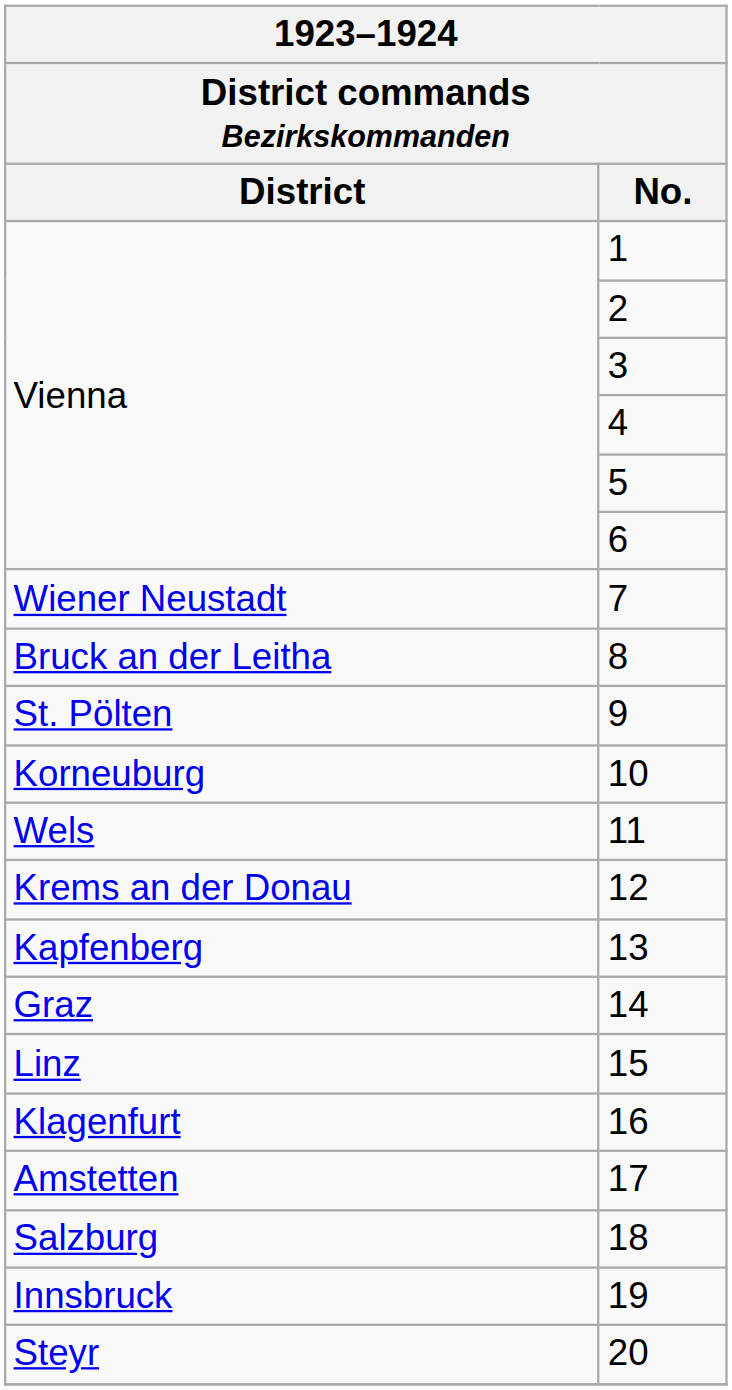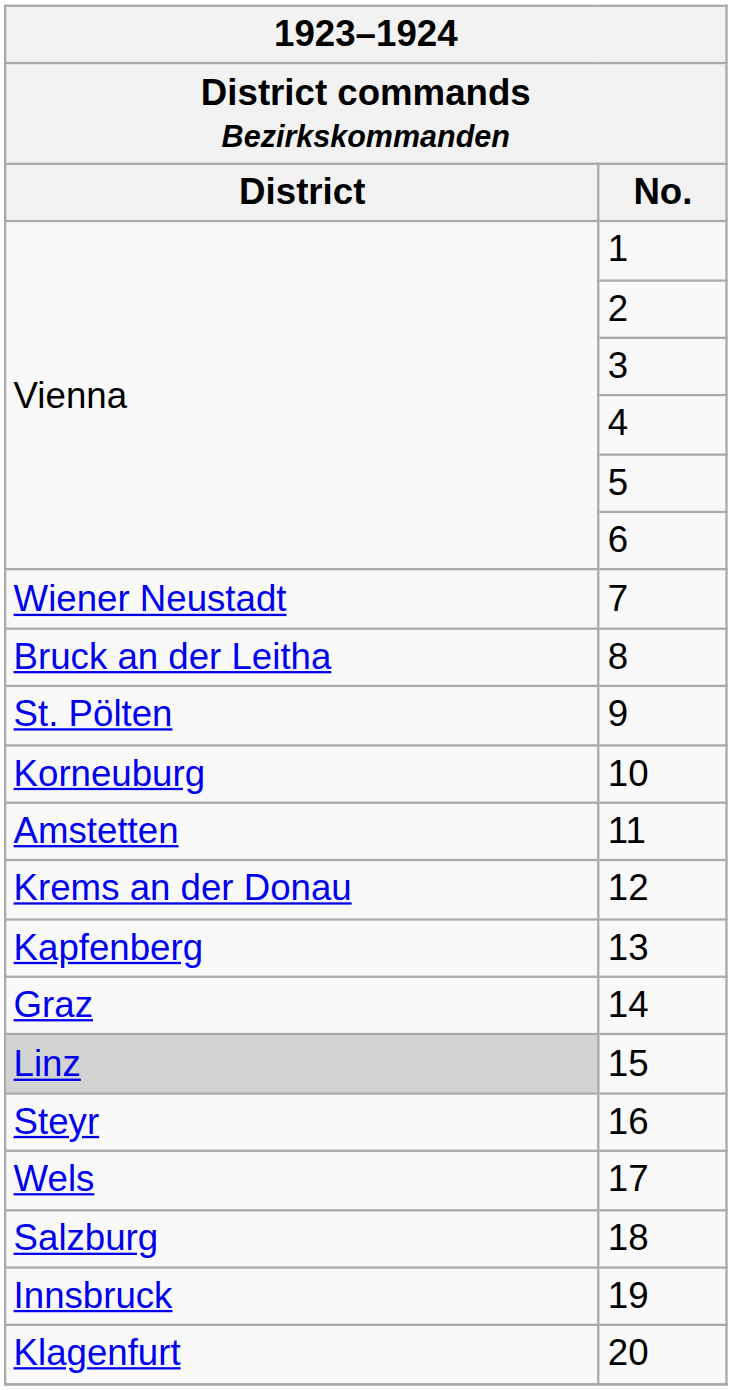 <table class="wikitable" style="text-align:left;width: 25%; display:inline-table;">
 <tr>
 <th colspan="2">1923–1924</th>
 </tr>
 <tr>
 <th colspan="2">District commands<br><small><em>Bezirkskommanden</em></small></th>
 </tr>
 <tr>
 <th>District</th>
 <th>No.</th>
 </tr>
 <tr>
 <td rowspan="6">Vienna</td>
 <td>1</td>
 </tr>
 <tr>
 <td>2</td>
 </tr>
 <tr>
 <td>3</td>
 </tr>
 <tr>
 <td>4</td>
 </tr>
 <tr>
 <td>5</td>
 </tr>
 <tr>
 <td>6</td>
 </tr>
 <tr>
 <td><a href='#'>Wiener Neustadt</a></td>
 <td>7</td>
 </tr>
 <tr>
 <td><a href='#'>Bruck an der Leitha</a></td>
 <td>8</td>
 </tr>
 <tr>
 <td><a href='#'>St. Pölten</a></td>
 <td>9</td>
 </tr>
 <tr>
 <td><a href='#'>Korneuburg</a></td>
 <td>10</td>
 </tr>
 <tr>
-<td><a href='#'>Wels</a></td>
+<td><a href='#'>Amstetten</a></td>
 <td>11</td>
 </tr>
 <tr>
 <td><a href='#'>Krems an der Donau</a></td>
 <td>12</td>
 </tr>
 <tr>
 <td><a href='#'>Kapfenberg</a></td>
 <td>13</td>
 </tr>
 <tr>
 <td><a href='#'>Graz</a></td>
 <td>14</td>
 </tr>
 <tr>
-<td><a href='#'>Linz</a></td>
+<td style="background: lightgrey;"><a href='#'>Linz</a></td>
 <td>15</td>
 </tr>
 <tr>
-<td><a href='#'>Klagenfurt</a></td>
+<td><a href='#'>Steyr</a></td>
 <td>16</td>
 </tr>
 <tr>
-<td><a href='#'>Amstetten</a></td>
+<td><a href='#'>Wels</a></td>
 <td>17</td>
 </tr>
 <tr>
 <td><a href='#'>Salzburg</a></td>
 <td>18</td>
 </tr>
 <tr>
 <td><a href='#'>Innsbruck</a></td>
 <td>19</td>
 </tr>
 <tr>
-<td><a href='#'>Steyr</a></td>
+<td><a href='#'>Klagenfurt</a></td>
 <td>20</td>
 </tr>
 <tr>
 </tr>
 </table>
